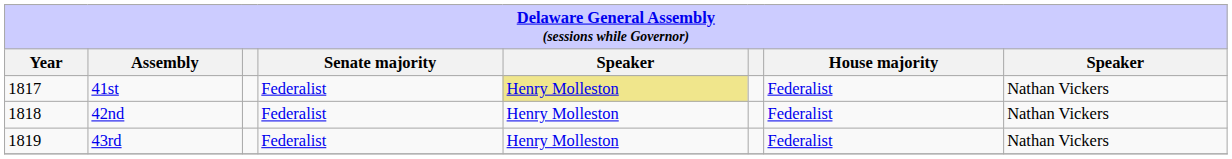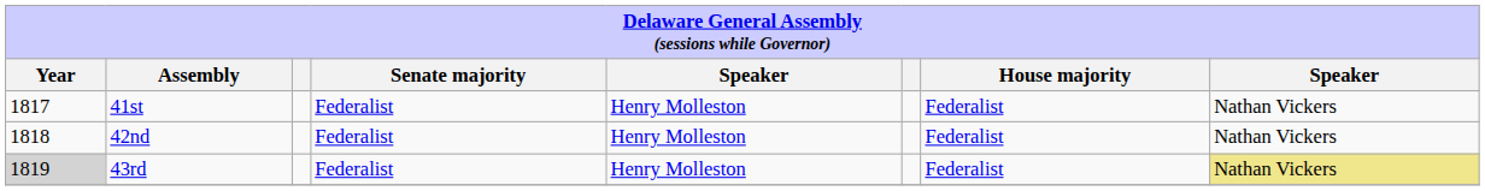 <table class=wikitable style="width: 94%" style="text-align: center;" align="center">
 <tr bgcolor=#cccccc>
 <th colspan=12 style="background: #ccccff;"><strong><a href='#'>Delaware General Assembly</a></strong> <br> <small> <em>(sessions while Governor)</em></small></th>
 </tr>
 <tr>
 <th><strong>Year</strong></th>
 <th><strong>Assembly</strong></th>
 <th></th>
 <th><strong>Senate majority</strong></th>
 <th><strong>Speaker</strong></th>
 <th></th>
 <th><strong>House majority</strong></th>
 <th><strong>Speaker</strong></th>
 </tr>
 <tr>
 <td>1817</td>
 <td><a href='#'>41st</a></td>
 <td></td>
 <td><a href='#'>Federalist</a></td>
-<td style="background: khaki;"><a href='#'>Henry Molleston</a></td>
+<td><a href='#'>Henry Molleston</a></td>
 <td></td>
 <td><a href='#'>Federalist</a></td>
 <td>Nathan Vickers</td>
 </tr>
 <tr>
 <td>1818</td>
 <td><a href='#'>42nd</a></td>
 <td></td>
 <td><a href='#'>Federalist</a></td>
 <td><a href='#'>Henry Molleston</a></td>
 <td></td>
 <td><a href='#'>Federalist</a></td>
 <td>Nathan Vickers</td>
 </tr>
 <tr>
-<td>1819</td>
+<td style="background: lightgrey;">1819</td>
 <td><a href='#'>43rd</a></td>
 <td></td>
 <td><a href='#'>Federalist</a></td>
 <td><a href='#'>Henry Molleston</a></td>
 <td></td>
 <td><a href='#'>Federalist</a></td>
-<td>Nathan Vickers</td>
+<td style="background: khaki;">Nathan Vickers</td>
 </tr>
 <tr>
 </tr>
 </table>
